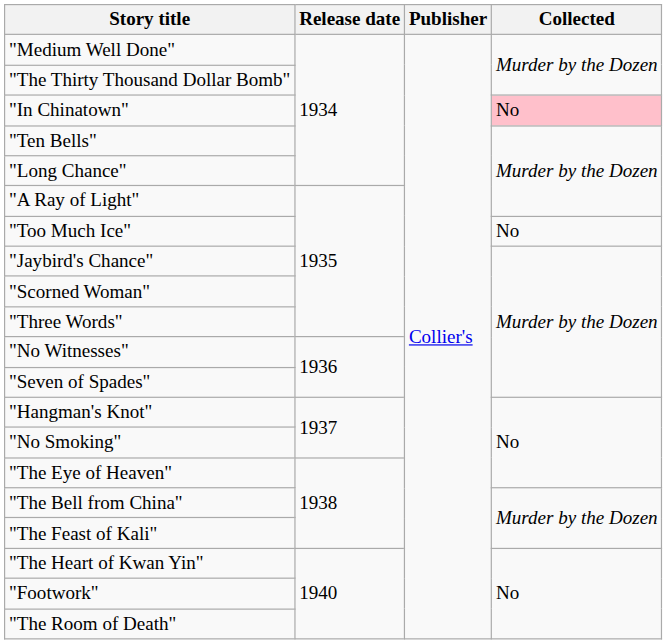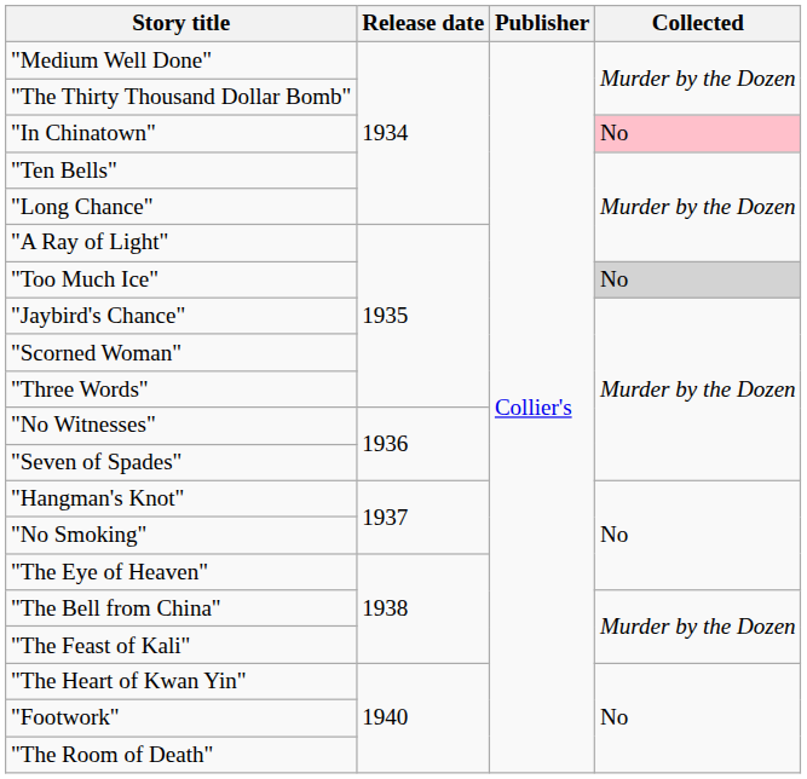 <table class="sortable wikitable">
 <tr>
 <th>Story title</th>
 <th>Release date</th>
 <th>Publisher</th>
 <th class="unsortable">Collected</th>
 </tr>
 <tr>
 <td>"Medium Well Done"</td>
 <td rowspan=5>1934</td>
 <td rowspan=20><a href='#'>Collier's</a></td>
 <td rowspan=2><em>Murder by the Dozen</em></td>
 </tr>
 <tr>
 <td>"The Thirty Thousand Dollar Bomb"</td>
 </tr>
 <tr>
 <td>"In Chinatown"</td>
 <td style="background: pink;">No</td>
 </tr>
 <tr>
 <td>"Ten Bells"</td>
 <td rowspan=3><em>Murder by the Dozen</em></td>
 </tr>
 <tr>
 <td>"Long Chance"</td>
 </tr>
 <tr>
 <td>"A Ray of Light"</td>
 <td rowspan=5>1935</td>
 </tr>
 <tr>
 <td>"Too Much Ice"</td>
-<td>No</td>
+<td style="background: lightgrey;">No</td>
 </tr>
 <tr>
 <td>"Jaybird's Chance"</td>
 <td rowspan=5><em>Murder by the Dozen</em></td>
 </tr>
 <tr>
 <td>"Scorned Woman"</td>
 </tr>
 <tr>
 <td>"Three Words"</td>
 </tr>
 <tr>
 <td>"No Witnesses"</td>
 <td rowspan=2>1936</td>
 </tr>
 <tr>
 <td>"Seven of Spades"</td>
 </tr>
 <tr>
 <td>"Hangman's Knot"</td>
 <td rowspan=2>1937</td>
 <td rowspan=3>No</td>
 </tr>
 <tr>
 <td>"No Smoking"</td>
 </tr>
 <tr>
 <td>"The Eye of Heaven"</td>
 <td rowspan=3>1938</td>
 </tr>
 <tr>
 <td>"The Bell from China"</td>
 <td rowspan=2><em>Murder by the Dozen</em></td>
 </tr>
 <tr>
 <td>"The Feast of Kali"</td>
 </tr>
 <tr>
 <td>"The Heart of Kwan Yin"</td>
 <td rowspan=3>1940</td>
 <td rowspan=3>No</td>
 </tr>
 <tr>
 <td>"Footwork"</td>
 </tr>
 <tr>
 <td>"The Room of Death"</td>
 </tr>
 </table>
